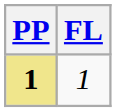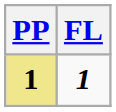 <table class="wikitable" style="font-size: 85%;">
 <tr>
 <th><a href='#'>PP</a></th>
 <th><a href='#'>FL</a></th>
 </tr>
 <tr align="center">
 <td style="background: khaki;"><strong>1</strong></td>
-<td><em>1</em></td>
+<td><strong><em>1</em></strong></td>
 </tr>
 </table>
